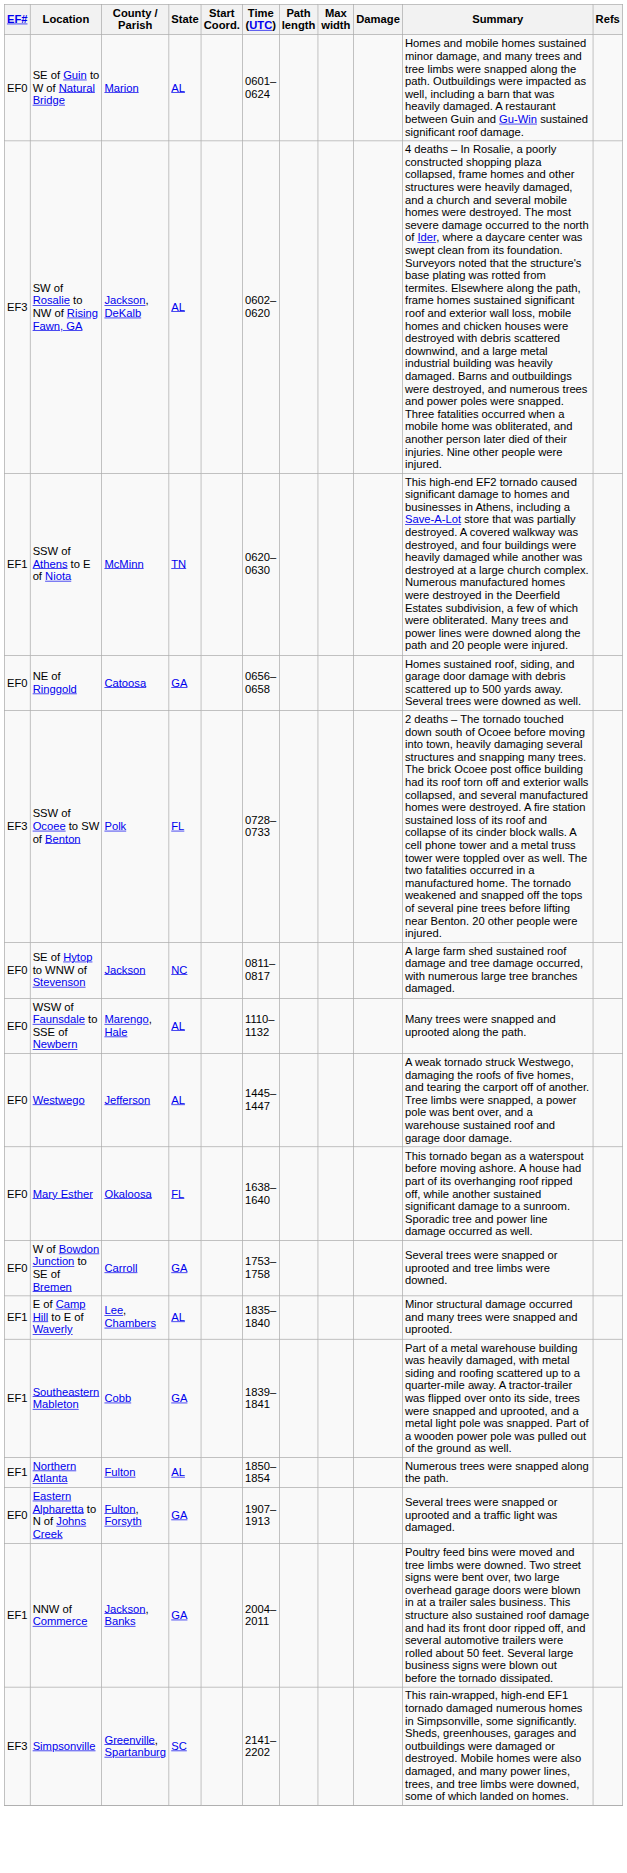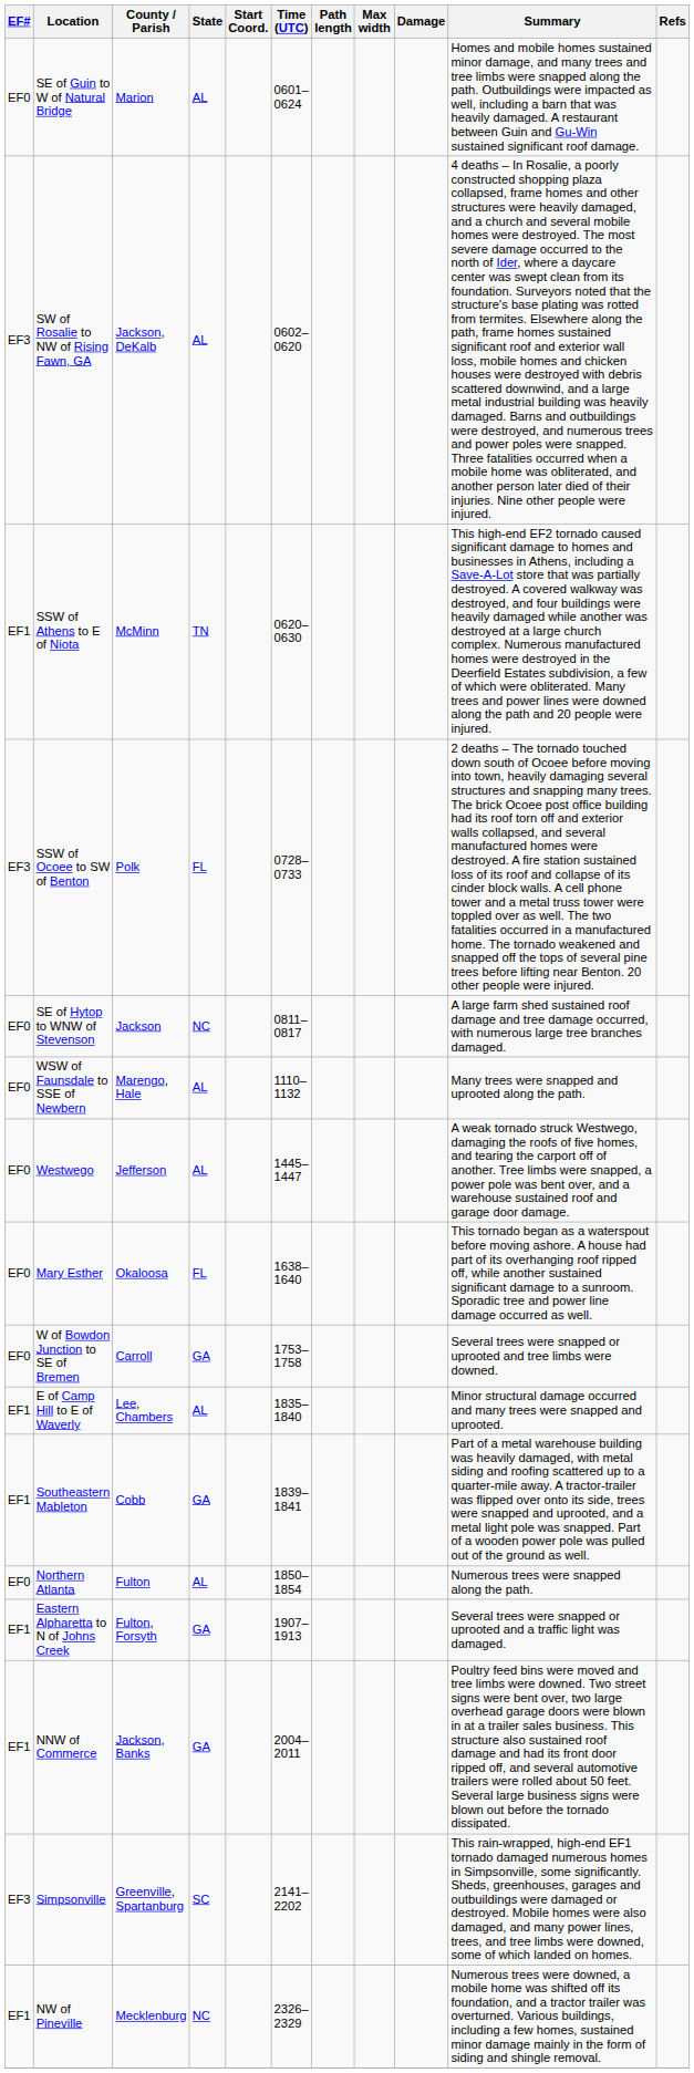 <table class="wikitable sortable" style="width:100%;">
 <tr>
 <th scope="col"  style="width:3%; text-align:center;"><a href='#'>EF#</a></th>
 <th scope="col"  style="width:7%; text-align:center;" class="unsortable">Location</th>
 <th scope="col"  style="width:6%; text-align:center;" class="unsortable">County / Parish</th>
 <th scope="col"  style="width:5%; text-align:center;">State</th>
 <th scope="col"  style="width:6%; text-align:center;">Start Coord.</th>
 <th scope="col"  style="width:6%; text-align:center;">Time (<a href='#'>UTC</a>)</th>
 <th scope="col"  style="width:6%; text-align:center;">Path length</th>
 <th scope="col"  style="width:6%; text-align:center;">Max width</th>
 <th scope="col"  style="width:6%; text-align:center;">Damage</th>
 <th scope="col" class="unsortable" style="width:48%; text-align:center;">Summary</th>
 <th scope="col" class="unsortable" style="width:48%; text-align:center;">Refs</th>
 </tr>
 <tr>
 <td>EF0</td>
 <td>SE of <a href='#'>Guin</a> to W of <a href='#'>Natural Bridge</a></td>
 <td><a href='#'>Marion</a></td>
 <td><a href='#'>AL</a></td>
 <td></td>
 <td>0601–0624</td>
 <td></td>
 <td></td>
 <td></td>
 <td>Homes and mobile homes sustained minor damage, and many trees and tree limbs were snapped along the path. Outbuildings were impacted as well, including a barn that was heavily damaged. A restaurant between Guin and <a href='#'>Gu-Win</a> sustained significant roof damage.</td>
 <td></td>
 </tr>
 <tr>
 <td>EF3</td>
 <td>SW of <a href='#'>Rosalie</a> to NW of <a href='#'>Rising Fawn, GA</a></td>
 <td><a href='#'>Jackson</a>, <a href='#'>DeKalb</a></td>
 <td><a href='#'>AL</a></td>
 <td></td>
 <td>0602–0620</td>
 <td></td>
 <td></td>
 <td></td>
 <td>4 deaths – In Rosalie, a poorly constructed shopping plaza collapsed, frame homes and other structures were heavily damaged, and a church and several mobile homes were destroyed. The most severe damage occurred to the north of <a href='#'>Ider</a>, where a daycare center was swept clean from its foundation. Surveyors noted that the structure's base plating was rotted from termites. Elsewhere along the path, frame homes sustained significant roof and exterior wall loss, mobile homes and chicken houses were destroyed with debris scattered downwind, and a large metal industrial building was heavily damaged. Barns and outbuildings were destroyed, and numerous trees and power poles were snapped. Three fatalities occurred when a mobile home was obliterated, and another person later died of their injuries. Nine other people were injured.</td>
 <td></td>
 </tr>
 <tr>
 <td>EF1</td>
 <td>SSW of <a href='#'>Athens</a> to E of <a href='#'>Niota</a></td>
 <td><a href='#'>McMinn</a></td>
 <td><a href='#'>TN</a></td>
 <td></td>
 <td>0620–0630</td>
 <td></td>
 <td></td>
 <td></td>
 <td>This high-end EF2 tornado caused significant damage to homes and businesses in Athens, including a <a href='#'>Save-A-Lot</a> store that was partially destroyed. A covered walkway was destroyed, and four buildings were heavily damaged while another was destroyed at a large church complex. Numerous manufactured homes were destroyed in the Deerfield Estates subdivision, a few of which were obliterated. Many trees and power lines were downed along the path and 20 people were injured.</td>
-<td></td>
-</tr>
-<tr>
-<td>EF0</td>
-<td>NE of <a href='#'>Ringgold</a></td>
-<td><a href='#'>Catoosa</a></td>
-<td><a href='#'>GA</a></td>
-<td></td>
-<td>0656–0658</td>
-<td></td>
-<td></td>
-<td></td>
-<td>Homes sustained roof, siding, and garage door damage with debris scattered up to 500 yards away. Several trees were downed as well.</td>
 <td></td>
 </tr>
 <tr>
 <td>EF3</td>
 <td>SSW of <a href='#'>Ocoee</a> to SW of <a href='#'>Benton</a></td>
 <td><a href='#'>Polk</a></td>
 <td><a href='#'>FL</a></td>
 <td></td>
 <td>0728–0733</td>
 <td></td>
 <td></td>
 <td></td>
 <td>2 deaths – The tornado touched down south of Ocoee before moving into town, heavily damaging several structures and snapping many trees. The brick Ocoee post office building had its roof torn off and exterior walls collapsed, and several manufactured homes were destroyed. A fire station sustained loss of its roof and collapse of its cinder block walls. A cell phone tower and a metal truss tower were toppled over as well. The two fatalities occurred in a manufactured home. The tornado weakened and snapped off the tops of several pine trees before lifting near Benton. 20 other people were injured.</td>
 <td></td>
 </tr>
 <tr>
 <td>EF0</td>
 <td>SE of <a href='#'>Hytop</a> to WNW of <a href='#'>Stevenson</a></td>
 <td><a href='#'>Jackson</a></td>
 <td><a href='#'>NC</a></td>
 <td></td>
 <td>0811–0817</td>
 <td></td>
 <td></td>
 <td></td>
 <td>A large farm shed sustained roof damage and tree damage occurred, with numerous large tree branches damaged.</td>
 <td></td>
 </tr>
 <tr>
 <td>EF0</td>
 <td>WSW of <a href='#'>Faunsdale</a> to SSE of <a href='#'>Newbern</a></td>
 <td><a href='#'>Marengo</a>, <a href='#'>Hale</a></td>
 <td><a href='#'>AL</a></td>
 <td></td>
 <td>1110–1132</td>
 <td></td>
 <td></td>
 <td></td>
 <td>Many trees were snapped and uprooted along the path.</td>
 <td></td>
 </tr>
 <tr>
 <td>EF0</td>
 <td><a href='#'>Westwego</a></td>
 <td><a href='#'>Jefferson</a></td>
 <td><a href='#'>AL</a></td>
 <td></td>
 <td>1445–1447</td>
 <td></td>
 <td></td>
 <td></td>
 <td>A weak tornado struck Westwego, damaging the roofs of five homes, and tearing the carport off of another. Tree limbs were snapped, a power pole was bent over, and a warehouse sustained roof and garage door damage.</td>
 <td></td>
 </tr>
 <tr>
 <td>EF0</td>
 <td><a href='#'>Mary Esther</a></td>
 <td><a href='#'>Okaloosa</a></td>
 <td><a href='#'>FL</a></td>
 <td></td>
 <td>1638–1640</td>
 <td></td>
 <td></td>
 <td></td>
 <td>This tornado began as a waterspout before moving ashore. A house had part of its overhanging roof ripped off, while another sustained significant damage to a sunroom. Sporadic tree and power line damage occurred as well.</td>
 <td></td>
 </tr>
 <tr>
 <td>EF0</td>
 <td>W of <a href='#'>Bowdon Junction</a> to SE of <a href='#'>Bremen</a></td>
 <td><a href='#'>Carroll</a></td>
 <td><a href='#'>GA</a></td>
 <td></td>
 <td>1753–1758</td>
 <td></td>
 <td></td>
 <td></td>
 <td>Several trees were snapped or uprooted and tree limbs were downed.</td>
 <td></td>
 </tr>
 <tr>
 <td>EF1</td>
 <td>E of <a href='#'>Camp Hill</a> to E of <a href='#'>Waverly</a></td>
 <td><a href='#'>Lee</a>, <a href='#'>Chambers</a></td>
 <td><a href='#'>AL</a></td>
 <td></td>
 <td>1835–1840</td>
 <td></td>
 <td></td>
 <td></td>
 <td>Minor structural damage occurred and many trees were snapped and uprooted.</td>
 <td></td>
 </tr>
 <tr>
 <td>EF1</td>
 <td><a href='#'>Southeastern Mableton</a></td>
 <td><a href='#'>Cobb</a></td>
 <td><a href='#'>GA</a></td>
 <td></td>
 <td>1839–1841</td>
 <td></td>
 <td></td>
 <td></td>
 <td>Part of a metal warehouse building was heavily damaged, with metal siding and roofing scattered up to a quarter-mile away. A tractor-trailer was flipped over onto its side, trees were snapped and uprooted, and a metal light pole was snapped. Part of a wooden power pole was pulled out of the ground as well.</td>
 <td></td>
 </tr>
 <tr>
-<td>EF1</td>
+<td>EF0</td>
 <td><a href='#'>Northern Atlanta</a></td>
 <td><a href='#'>Fulton</a></td>
 <td><a href='#'>AL</a></td>
 <td></td>
 <td>1850–1854</td>
 <td></td>
 <td></td>
 <td></td>
 <td>Numerous trees were snapped along the path.</td>
 <td></td>
 </tr>
 <tr>
-<td>EF0</td>
+<td>EF1</td>
 <td><a href='#'>Eastern Alpharetta</a> to N of <a href='#'>Johns Creek</a></td>
 <td><a href='#'>Fulton</a>, <a href='#'>Forsyth</a></td>
 <td><a href='#'>GA</a></td>
 <td></td>
 <td>1907–1913</td>
 <td></td>
 <td></td>
 <td></td>
 <td>Several trees were snapped or uprooted and a traffic light was damaged.</td>
 <td></td>
 </tr>
 <tr>
 <td>EF1</td>
 <td>NNW of <a href='#'>Commerce</a></td>
 <td><a href='#'>Jackson</a>, <a href='#'>Banks</a></td>
 <td><a href='#'>GA</a></td>
 <td></td>
 <td>2004–2011</td>
 <td></td>
 <td></td>
 <td></td>
 <td>Poultry feed bins were moved and tree limbs were downed. Two street signs were bent over,  two large overhead garage doors were blown in at a trailer sales business. This structure also sustained roof damage and had its front door ripped off, and several automotive trailers were rolled about 50 feet. Several large business signs were blown out before the tornado dissipated.</td>
 <td></td>
 </tr>
 <tr>
 <td>EF3</td>
 <td><a href='#'>Simpsonville</a></td>
 <td><a href='#'>Greenville</a>, <a href='#'>Spartanburg</a></td>
 <td><a href='#'>SC</a></td>
 <td></td>
 <td>2141–2202</td>
 <td></td>
 <td></td>
 <td></td>
 <td>This rain-wrapped, high-end EF1 tornado damaged numerous homes in Simpsonville, some significantly. Sheds, greenhouses, garages and outbuildings were damaged or destroyed. Mobile homes were also damaged, and many power lines, trees, and tree limbs were downed, some of which landed on homes.</td>
 <td></td>
 </tr>
 <tr>
+<td>EF1</td>
+<td>NW of <a href='#'>Pineville</a></td>
+<td><a href='#'>Mecklenburg</a></td>
+<td><a href='#'>NC</a></td>
+<td></td>
+<td>2326–2329</td>
+<td></td>
+<td></td>
+<td></td>
+<td>Numerous trees were downed, a mobile home was shifted off its foundation, and a tractor trailer was overturned. Various buildings, including a few homes, sustained minor damage mainly in the form of siding and shingle removal.</td>
+<td></td>
+</tr>
+<tr>
 </tr>
 </table>
